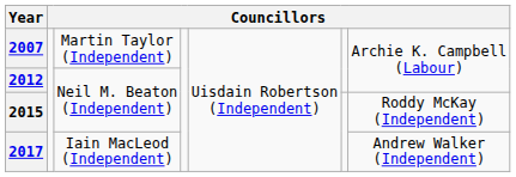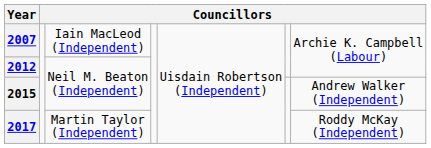 <table class="wikitable" style="text-align:center">
 <tr>
 <th>Year</th>
 <th colspan=8>Councillors</th>
 </tr>
 <tr>
 <th><a href='#'>2007</a></th>
 <td rowspan=4; style="background-color: "></td>
-<td>Martin Taylor<br>(<a href='#'>Independent</a>)</td>
+<td>Iain MacLeod<br>(<a href='#'>Independent</a>)</td>
 <td rowspan=4; style="background-color: "></td>
 <td rowspan=4>Uisdain Robertson<br>(<a href='#'>Independent</a>)</td>
 <td rowspan=2; style="background-color: "></td>
 <td rowspan=2>Archie K. Campbell<br>(<a href='#'>Labour</a>)</td>
 </tr>
 <tr>
 <th><a href='#'>2012</a></th>
 <td rowspan=2>Neil M. Beaton<br>(<a href='#'>Independent</a>)</td>
 </tr>
 <tr>
 <th>2015</th>
 <td rowspan=2; style="background-color: "></td>
-<td>Roddy McKay<br>(<a href='#'>Independent</a>)</td>
+<td>Andrew Walker<br>(<a href='#'>Independent</a>)</td>
 </tr>
 <tr>
 <th><a href='#'>2017</a></th>
-<td>Iain MacLeod<br>(<a href='#'>Independent</a>)</td>
-<td>Andrew Walker<br>(<a href='#'>Independent</a>)</td>
+<td>Martin Taylor<br>(<a href='#'>Independent</a>)</td>
+<td>Roddy McKay<br>(<a href='#'>Independent</a>)</td>
 </tr>
 </table>
